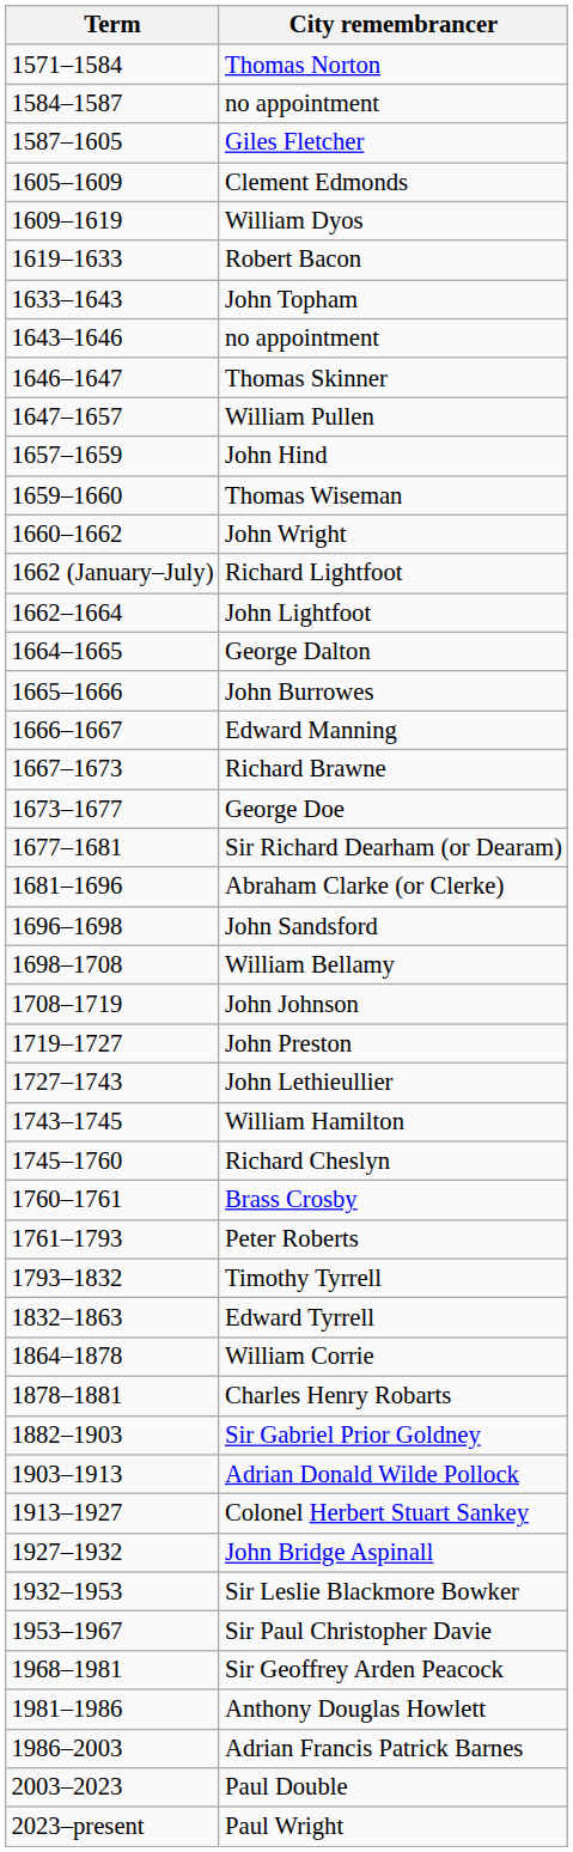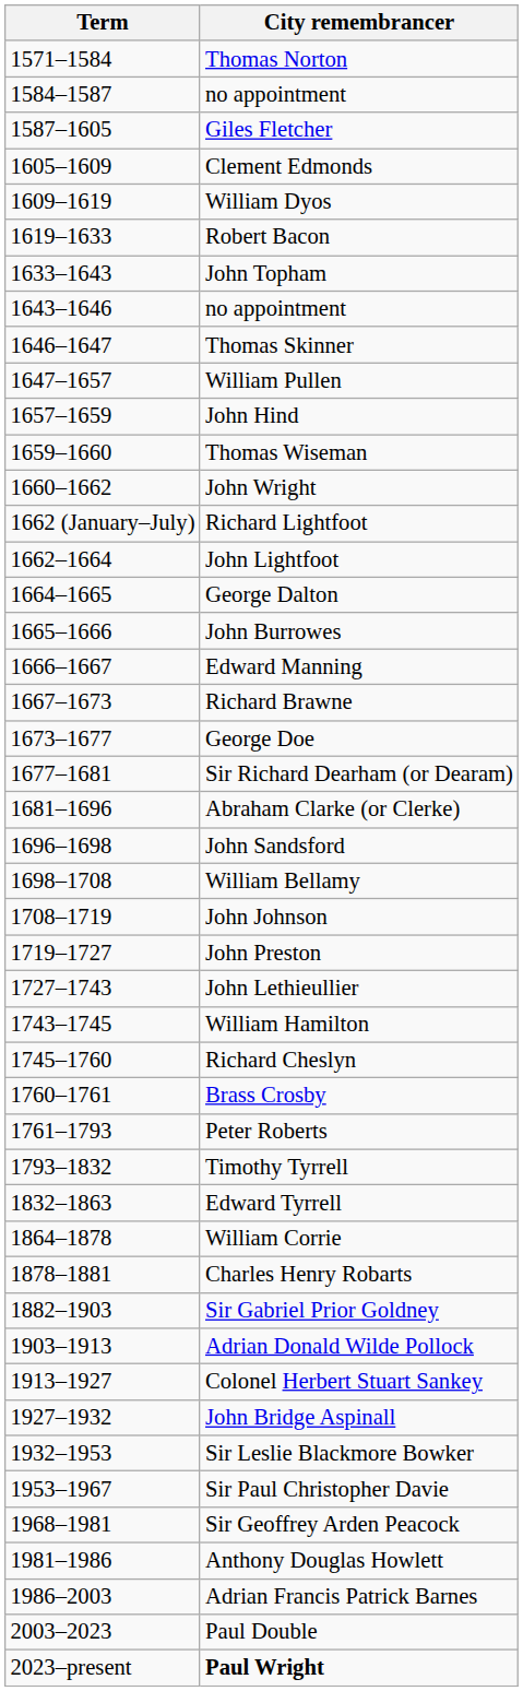 <table class="wikitable">
 <tr>
 <th>Term</th>
 <th>City remembrancer</th>
 </tr>
 <tr>
 <td>1571–1584 <em></em></td>
 <td><a href='#'>Thomas Norton</a></td>
 </tr>
 <tr>
 <td>1584–1587</td>
 <td>no appointment</td>
 </tr>
 <tr>
 <td>1587–1605</td>
 <td><a href='#'>Giles Fletcher</a> </td>
 </tr>
 <tr>
 <td>1605–1609</td>
 <td>Clement Edmonds</td>
 </tr>
 <tr>
 <td>1609–1619</td>
 <td>William Dyos</td>
 </tr>
 <tr>
 <td>1619–1633 <em></em></td>
 <td>Robert Bacon</td>
 </tr>
 <tr>
 <td>1633–1643</td>
 <td>John Topham</td>
 </tr>
 <tr>
 <td>1643–1646</td>
 <td>no appointment</td>
 </tr>
 <tr>
 <td>1646–1647</td>
 <td>Thomas Skinner</td>
 </tr>
 <tr>
 <td>1647–1657 <em></em></td>
 <td>William Pullen</td>
 </tr>
 <tr>
 <td>1657–1659</td>
 <td>John Hind</td>
 </tr>
 <tr>
 <td>1659–1660</td>
 <td>Thomas Wiseman</td>
 </tr>
 <tr>
 <td>1660–1662</td>
 <td>John Wright</td>
 </tr>
 <tr>
 <td>1662 (January–July)</td>
 <td>Richard Lightfoot</td>
 </tr>
 <tr>
 <td>1662–1664</td>
 <td>John Lightfoot</td>
 </tr>
 <tr>
 <td>1664–1665 <em></em></td>
 <td>George Dalton</td>
 </tr>
 <tr>
 <td>1665–1666</td>
 <td>John Burrowes</td>
 </tr>
 <tr>
 <td>1666–1667</td>
 <td>Edward Manning</td>
 </tr>
 <tr>
 <td>1667–1673</td>
 <td>Richard Brawne</td>
 </tr>
 <tr>
 <td>1673–1677</td>
 <td>George Doe</td>
 </tr>
 <tr>
 <td>1677–1681</td>
 <td>Sir Richard Dearham (or Dearam)</td>
 </tr>
 <tr>
 <td>1681–1696</td>
 <td>Abraham Clarke (or Clerke)</td>
 </tr>
 <tr>
 <td>1696–1698</td>
 <td>John Sandsford</td>
 </tr>
 <tr>
 <td>1698–1708</td>
 <td>William Bellamy</td>
 </tr>
 <tr>
 <td>1708–1719</td>
 <td>John Johnson</td>
 </tr>
 <tr>
 <td>1719–1727</td>
 <td>John Preston</td>
 </tr>
 <tr>
 <td>1727–1743</td>
 <td>John Lethieullier</td>
 </tr>
 <tr>
 <td>1743–1745</td>
 <td>William Hamilton</td>
 </tr>
 <tr>
 <td>1745–1760</td>
 <td>Richard Cheslyn</td>
 </tr>
 <tr>
 <td>1760–1761</td>
 <td><a href='#'>Brass Crosby</a></td>
 </tr>
 <tr>
 <td>1761–1793 <em></em></td>
 <td>Peter Roberts</td>
 </tr>
 <tr>
 <td>1793–1832 <em></em></td>
 <td>Timothy Tyrrell</td>
 </tr>
 <tr>
 <td>1832–1863</td>
 <td>Edward Tyrrell</td>
 </tr>
 <tr>
 <td>1864–1878</td>
 <td>William Corrie</td>
 </tr>
 <tr>
 <td>1878–1881</td>
 <td>Charles Henry Robarts</td>
 </tr>
 <tr>
 <td>1882–1903</td>
 <td><a href='#'>Sir Gabriel Prior Goldney</a></td>
 </tr>
 <tr>
 <td>1903–1913</td>
 <td><a href='#'>Adrian Donald Wilde Pollock</a></td>
 </tr>
 <tr>
 <td>1913–1927</td>
 <td>Colonel <a href='#'>Herbert Stuart Sankey</a></td>
 </tr>
 <tr>
 <td>1927–1932</td>
 <td><a href='#'>John Bridge Aspinall</a></td>
 </tr>
 <tr>
 <td>1932–1953</td>
 <td>Sir Leslie Blackmore Bowker</td>
 </tr>
 <tr>
 <td>1953–1967</td>
 <td>Sir Paul Christopher Davie</td>
 </tr>
 <tr>
 <td>1968–1981</td>
 <td>Sir Geoffrey Arden Peacock </td>
 </tr>
 <tr>
 <td>1981–1986</td>
 <td>Anthony Douglas Howlett</td>
 </tr>
 <tr>
 <td>1986–2003</td>
 <td>Adrian Francis Patrick Barnes </td>
 </tr>
 <tr>
 <td>2003–2023</td>
 <td>Paul Double  </td>
 </tr>
 <tr>
 <td>2023–present</td>
-<td>Paul Wright </td>
+<td><strong>Paul Wright </strong></td>
 </tr>
 </table>
